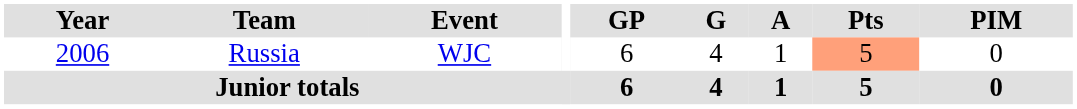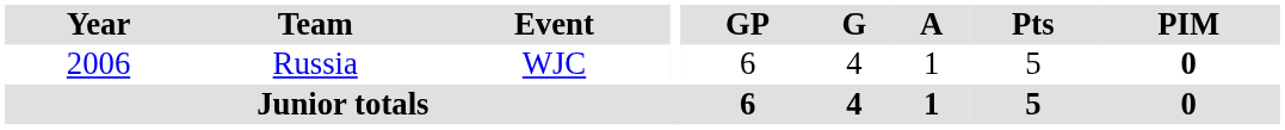 <table border="0" cellpadding="1" cellspacing="0" ID="Table3" style="text-align:center; width:40em">
 <tr bgcolor="#e0e0e0">
 <th>Year</th>
 <th>Team</th>
 <th>Event</th>
 <th rowspan="102" bgcolor="#ffffff"></th>
 <th>GP</th>
 <th>G</th>
 <th>A</th>
 <th>Pts</th>
 <th>PIM</th>
 </tr>
 <tr>
 <td><a href='#'>2006</a></td>
 <td><a href='#'>Russia</a></td>
 <td><a href='#'>WJC</a></td>
 <td>6</td>
 <td>4</td>
 <td>1</td>
-<td style="background: lightsalmon;">5</td>
-<td>0</td>
+<td>5</td>
+<td><strong>0</strong></td>
 </tr>
 <tr bgcolor="#e0e0e0">
 <th colspan="4">Junior totals</th>
 <th>6</th>
 <th>4</th>
 <th>1</th>
 <th>5</th>
 <th>0</th>
 </tr>
 </table>
